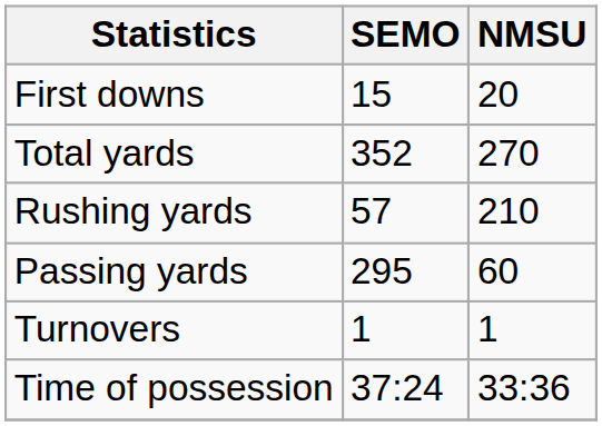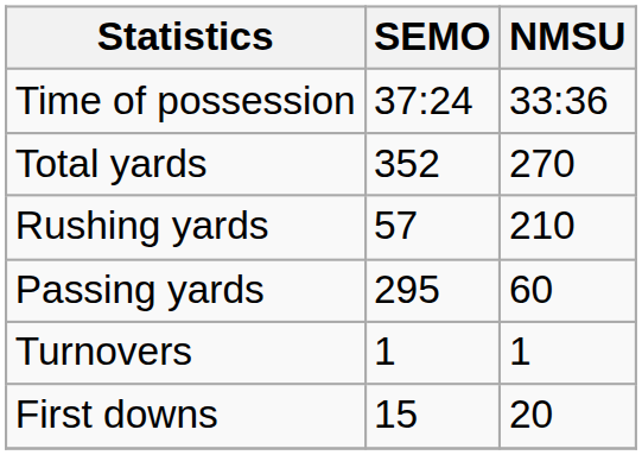 <table class="wikitable" style="float: left;">
 <tr>
 <th>Statistics</th>
 <th>SEMO</th>
 <th>NMSU</th>
 </tr>
 <tr>
-<td>First downs</td>
-<td>15</td>
-<td>20</td>
+<td>Time of possession</td>
+<td>37:24</td>
+<td>33:36</td>
 </tr>
 <tr>
 <td>Total yards</td>
 <td>352</td>
 <td>270</td>
 </tr>
 <tr>
 <td>Rushing yards</td>
 <td>57</td>
 <td>210</td>
 </tr>
 <tr>
 <td>Passing yards</td>
 <td>295</td>
 <td>60</td>
 </tr>
 <tr>
 <td>Turnovers</td>
 <td>1</td>
 <td>1</td>
 </tr>
 <tr>
-<td>Time of possession</td>
-<td>37:24</td>
-<td>33:36</td>
+<td>First downs</td>
+<td>15</td>
+<td>20</td>
 </tr>
 <tr>
 </tr>
 </table>
